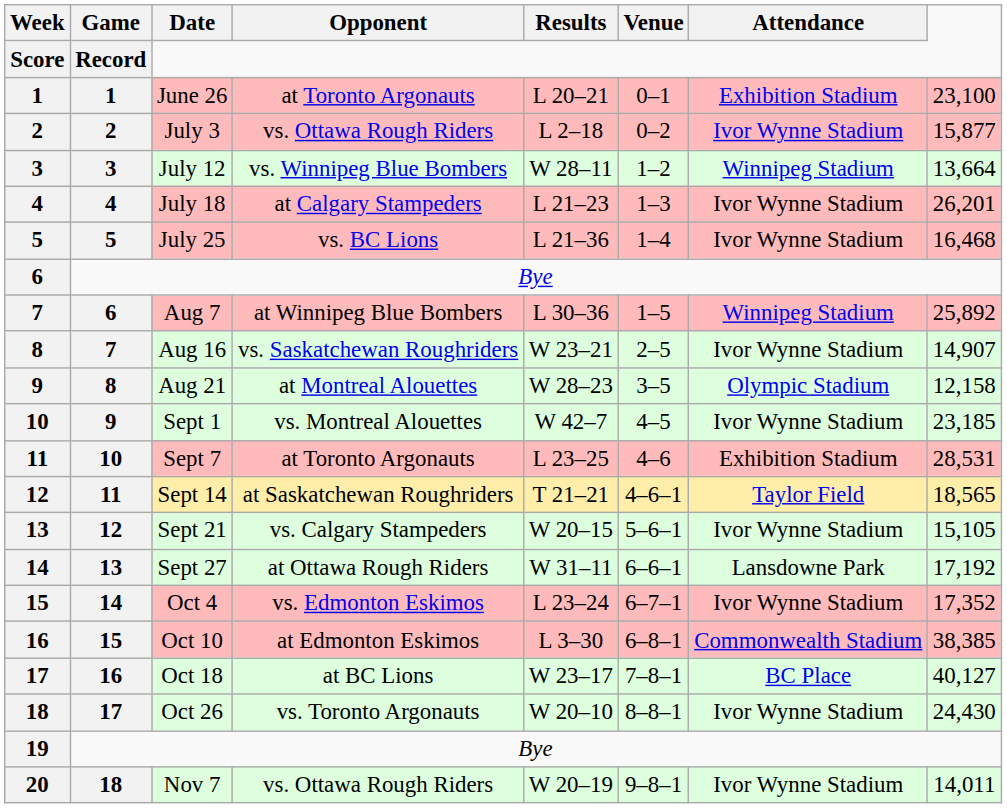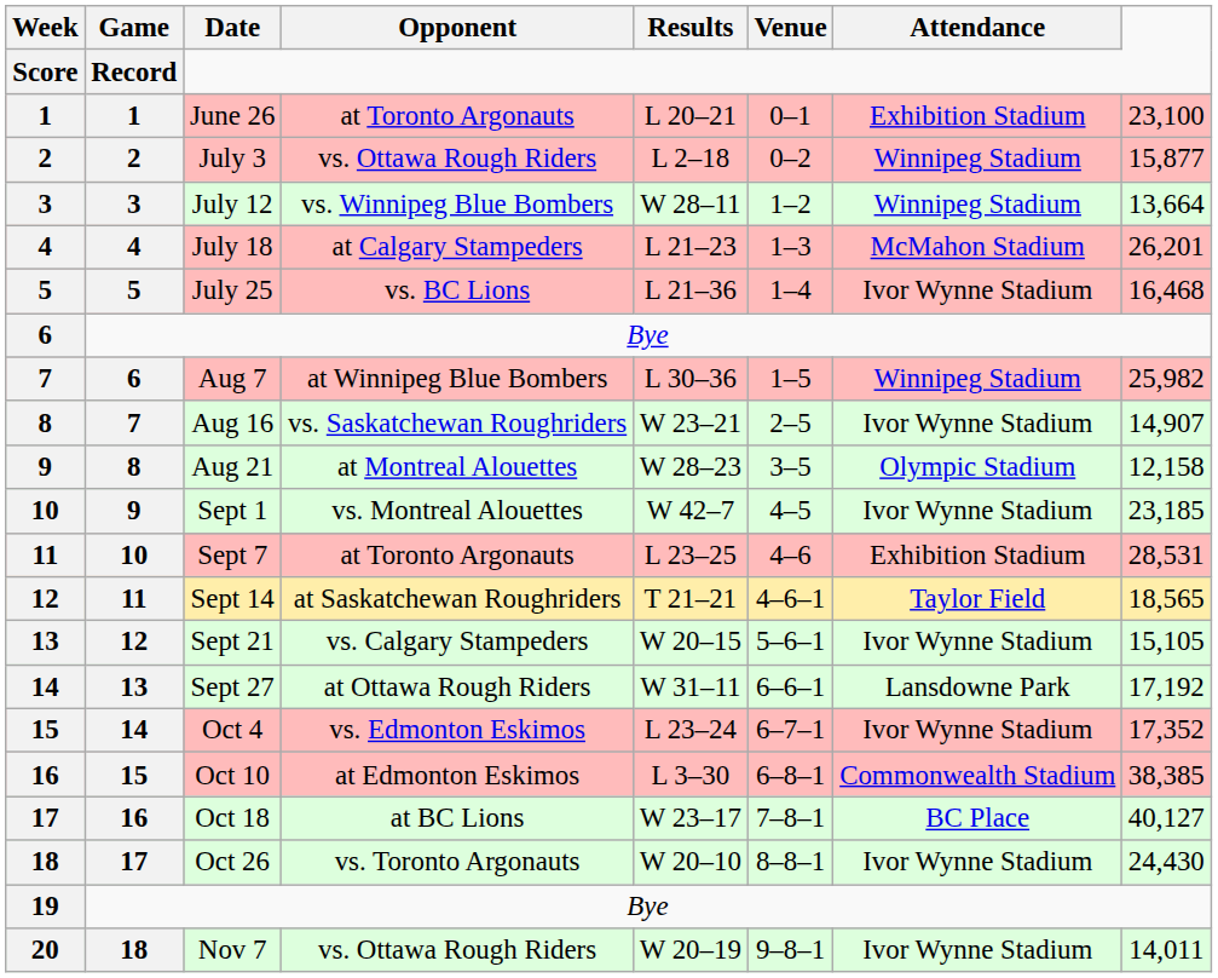 <table class="wikitable" style="text-align:center">
 <tr>
 <th>Week</th>
 <th>Game</th>
 <th>Date</th>
 <th>Opponent</th>
 <th>Results</th>
 <th>Venue</th>
 <th>Attendance</th>
 </tr>
 <tr>
 <th>Score</th>
 <th>Record</th>
 </tr>
 <tr style="background:#ffbbbb">
 <th>1</th>
 <th>1</th>
 <td>June 26</td>
 <td>at <a href='#'>Toronto Argonauts</a></td>
 <td>L 20–21</td>
 <td>0–1</td>
 <td><a href='#'>Exhibition Stadium</a></td>
 <td>23,100</td>
 </tr>
 <tr style="background:#ffbbbb">
 <th>2</th>
 <th>2</th>
 <td>July 3</td>
 <td>vs. <a href='#'>Ottawa Rough Riders</a></td>
 <td>L 2–18</td>
 <td>0–2</td>
-<td><a href='#'>Ivor Wynne Stadium</a></td>
+<td><a href='#'>Winnipeg Stadium</a></td>
 <td>15,877</td>
 </tr>
 <tr style="background:#ddffdd">
 <th>3</th>
 <th>3</th>
 <td>July 12</td>
 <td>vs. <a href='#'>Winnipeg Blue Bombers</a></td>
 <td>W 28–11</td>
 <td>1–2</td>
 <td><a href='#'>Winnipeg Stadium</a></td>
 <td>13,664</td>
 </tr>
 <tr style="background:#ffbbbb">
 <th>4</th>
 <th>4</th>
 <td>July 18</td>
 <td>at <a href='#'>Calgary Stampeders</a></td>
 <td>L 21–23</td>
 <td>1–3</td>
-<td>Ivor Wynne Stadium</td>
+<td><a href='#'>McMahon Stadium</a></td>
 <td>26,201</td>
 </tr>
 <tr style="background:#ffbbbb">
 <th>5</th>
 <th>5</th>
 <td>July 25</td>
 <td>vs. <a href='#'>BC Lions</a></td>
 <td>L 21–36</td>
 <td>1–4</td>
 <td>Ivor Wynne Stadium</td>
 <td>16,468</td>
 </tr>
 <tr>
 <th>6</th>
 <td colspan=7 align="center"><em><a href='#'>Bye</a></em></td>
 </tr>
 <tr style="background:#ffbbbb">
 <th>7</th>
 <th>6</th>
 <td>Aug 7</td>
 <td>at Winnipeg Blue Bombers</td>
 <td>L 30–36</td>
 <td>1–5</td>
 <td><a href='#'>Winnipeg Stadium</a></td>
-<td>25,892</td>
+<td>25,982</td>
 </tr>
 <tr style="background:#ddffdd">
 <th>8</th>
 <th>7</th>
 <td>Aug 16</td>
 <td>vs. <a href='#'>Saskatchewan Roughriders</a></td>
 <td>W 23–21</td>
 <td>2–5</td>
 <td>Ivor Wynne Stadium</td>
 <td>14,907</td>
 </tr>
 <tr style="background:#ddffdd">
 <th>9</th>
 <th>8</th>
 <td>Aug 21</td>
 <td>at <a href='#'>Montreal Alouettes</a></td>
 <td>W 28–23</td>
 <td>3–5</td>
 <td><a href='#'>Olympic Stadium</a></td>
 <td>12,158</td>
 </tr>
 <tr style="background:#ddffdd">
 <th>10</th>
 <th>9</th>
 <td>Sept 1</td>
 <td>vs. Montreal Alouettes</td>
 <td>W 42–7</td>
 <td>4–5</td>
 <td>Ivor Wynne Stadium</td>
 <td>23,185</td>
 </tr>
 <tr style="background:#ffbbbb">
 <th>11</th>
 <th>10</th>
 <td>Sept 7</td>
 <td>at Toronto Argonauts</td>
 <td>L 23–25</td>
 <td>4–6</td>
 <td>Exhibition Stadium</td>
 <td>28,531</td>
 </tr>
 <tr style="background:#ffeeaa">
 <th>12</th>
 <th>11</th>
 <td>Sept 14</td>
 <td>at Saskatchewan Roughriders</td>
 <td>T 21–21</td>
 <td>4–6–1</td>
 <td><a href='#'>Taylor Field</a></td>
 <td>18,565</td>
 </tr>
 <tr style="background:#ddffdd">
 <th>13</th>
 <th>12</th>
 <td>Sept 21</td>
 <td>vs. Calgary Stampeders</td>
 <td>W 20–15</td>
 <td>5–6–1</td>
 <td>Ivor Wynne Stadium</td>
 <td>15,105</td>
 </tr>
 <tr style="background:#ddffdd">
 <th>14</th>
 <th>13</th>
 <td>Sept 27</td>
 <td>at Ottawa Rough Riders</td>
 <td>W 31–11</td>
 <td>6–6–1</td>
 <td>Lansdowne Park</td>
 <td>17,192</td>
 </tr>
 <tr style="background:#ffbbbb">
 <th>15</th>
 <th>14</th>
 <td>Oct 4</td>
 <td>vs. <a href='#'>Edmonton Eskimos</a></td>
 <td>L 23–24</td>
 <td>6–7–1</td>
 <td>Ivor Wynne Stadium</td>
 <td>17,352</td>
 </tr>
 <tr style="background:#ffbbbb">
 <th>16</th>
 <th>15</th>
 <td>Oct 10</td>
 <td>at Edmonton Eskimos</td>
 <td>L 3–30</td>
 <td>6–8–1</td>
 <td><a href='#'>Commonwealth Stadium</a></td>
 <td>38,385</td>
 </tr>
 <tr style="background:#ddffdd">
 <th>17</th>
 <th>16</th>
 <td>Oct 18</td>
 <td>at BC Lions</td>
 <td>W 23–17</td>
 <td>7–8–1</td>
 <td><a href='#'>BC Place</a></td>
 <td>40,127</td>
 </tr>
 <tr style="background:#ddffdd">
 <th>18</th>
 <th>17</th>
 <td>Oct 26</td>
 <td>vs. Toronto Argonauts</td>
 <td>W 20–10</td>
 <td>8–8–1</td>
 <td>Ivor Wynne Stadium</td>
 <td>24,430</td>
 </tr>
 <tr>
 <th>19</th>
 <td colspan=7><em>Bye</em></td>
 </tr>
 <tr style="background:#ddffdd">
 <th>20</th>
 <th>18</th>
 <td>Nov 7</td>
 <td>vs. Ottawa Rough Riders</td>
 <td>W 20–19</td>
 <td>9–8–1</td>
 <td>Ivor Wynne Stadium</td>
 <td>14,011</td>
 </tr>
 </table>
